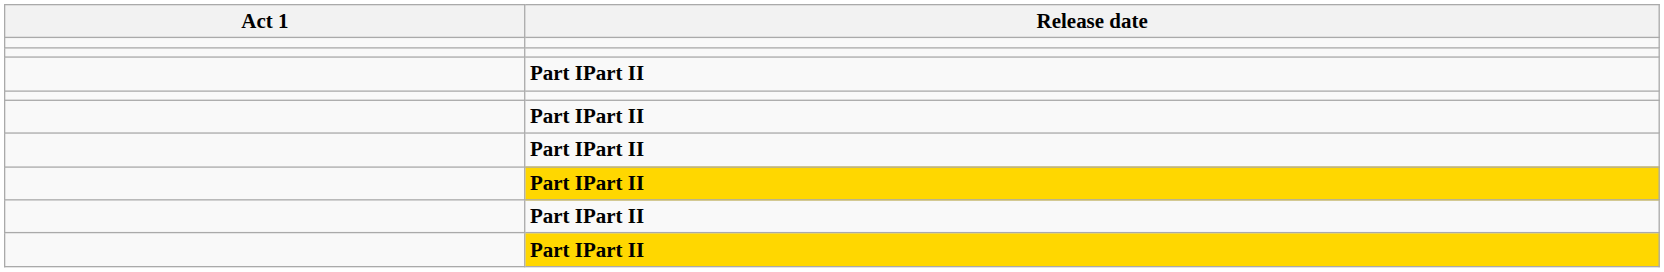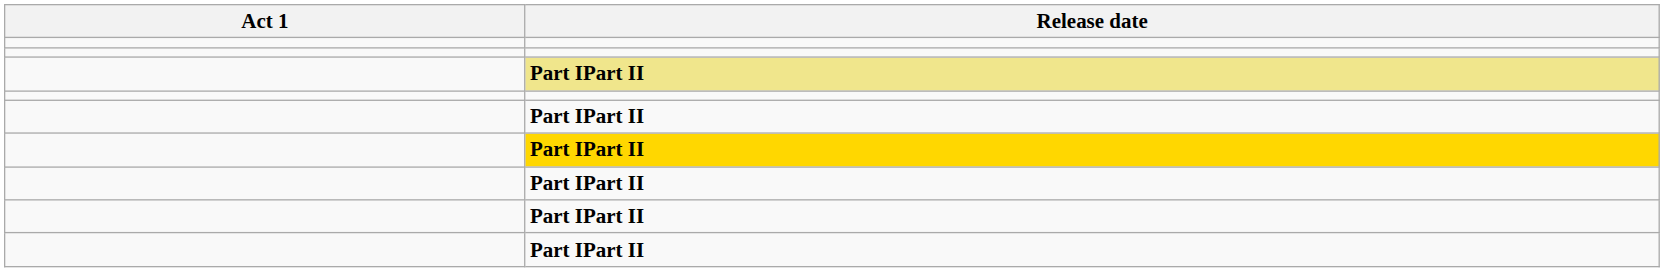 <table style="width:100%;" class="wikitable">
 <tr>
 <th>Act 1</th>
 <th>Release date</th>
 </tr>
 <tr>
 <td></td>
 <td></td>
 </tr>
 <tr>
 <td></td>
 <td></td>
 </tr>
 <tr>
 <td></td>
-<td><strong>Part I</strong><strong>Part II</strong></td>
+<td style="background: khaki;"><strong>Part I</strong><strong>Part II</strong></td>
 </tr>
 <tr>
 <td></td>
 <td></td>
-</tr>
-<tr>
-<td></td>
-<td><strong>Part I</strong><strong>Part II</strong></td>
 </tr>
 <tr>
 <td></td>
 <td><strong>Part I</strong><strong>Part II</strong></td>
 </tr>
 <tr>
 <td></td>
 <td style="background: gold;"><strong>Part I</strong><strong>Part II</strong></td>
 </tr>
 <tr>
 <td></td>
 <td><strong>Part I</strong><strong>Part II</strong></td>
 </tr>
 <tr>
 <td></td>
-<td style="background: gold;"><strong>Part I</strong><strong>Part II</strong></td>
+<td><strong>Part I</strong><strong>Part II</strong></td>
+</tr>
+<tr>
+<td></td>
+<td><strong>Part I</strong><strong>Part II</strong></td>
 </tr>
 </table>
